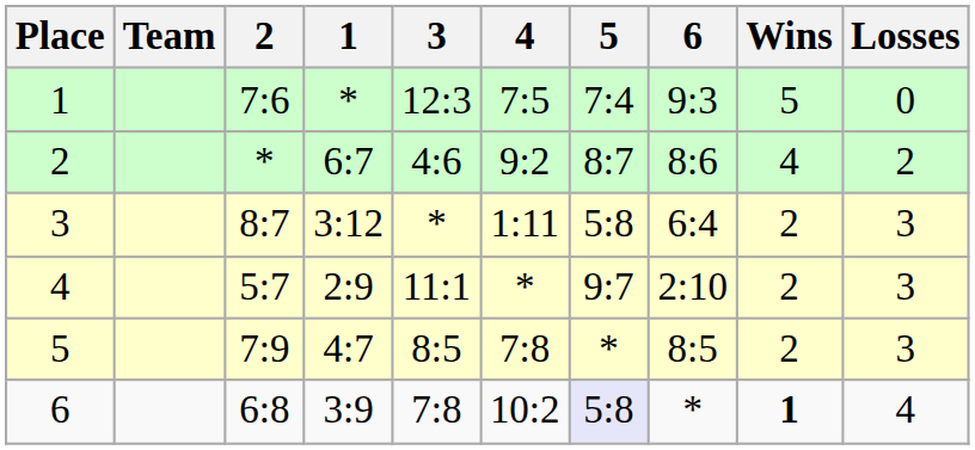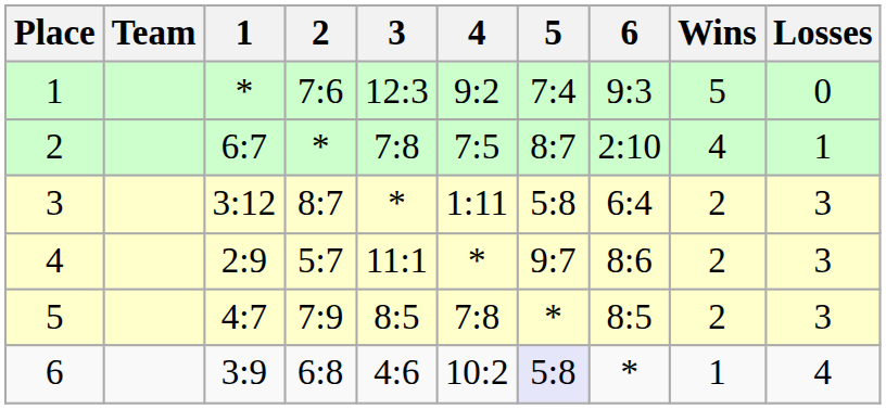 <table class="wikitable" style="text-align:center;">
 <tr>
 <th>Place</th>
 <th>Team</th>
+<th width="25">1</th>
 <th width="25">2</th>
-<th width="25">1</th>
 <th width="25">3</th>
 <th width="25">4</th>
 <th width="25">5</th>
 <th width="25">6</th>
 <th>Wins</th>
 <th>Losses</th>
 </tr>
 <tr bgcolor=#cfc>
 <td>1</td>
 <td align=left></td>
+<td>*</td>
 <td>7:6</td>
-<td>*</td>
 <td>12:3</td>
-<td>7:5</td>
+<td>9:2</td>
 <td>7:4</td>
 <td>9:3</td>
 <td>5</td>
 <td>0</td>
 </tr>
 <tr bgcolor=#cfc>
 <td>2</td>
 <td align=left></td>
+<td>6:7</td>
 <td>*</td>
-<td>6:7</td>
-<td>4:6</td>
-<td>9:2</td>
+<td>7:8</td>
+<td>7:5</td>
 <td>8:7</td>
-<td>8:6</td>
+<td>2:10</td>
 <td>4</td>
-<td>2</td>
+<td>1</td>
 </tr>
 <tr bgcolor=#ffc>
 <td>3</td>
 <td align=left></td>
+<td>3:12</td>
 <td>8:7</td>
-<td>3:12</td>
 <td>*</td>
 <td>1:11</td>
 <td>5:8</td>
 <td>6:4</td>
 <td>2</td>
 <td>3</td>
 </tr>
 <tr bgcolor=#ffc>
 <td>4</td>
 <td align=left></td>
+<td>2:9</td>
 <td>5:7</td>
-<td>2:9</td>
 <td>11:1</td>
 <td>*</td>
 <td>9:7</td>
-<td>2:10</td>
+<td>8:6</td>
 <td>2</td>
 <td>3</td>
 </tr>
 <tr bgcolor=#ffc>
 <td>5</td>
 <td align=left></td>
+<td>4:7</td>
 <td>7:9</td>
-<td>4:7</td>
 <td>8:5</td>
 <td>7:8</td>
 <td>*</td>
 <td>8:5</td>
 <td>2</td>
 <td>3</td>
 </tr>
 <tr>
 <td>6</td>
 <td align=left></td>
+<td>3:9</td>
 <td>6:8</td>
-<td>3:9</td>
-<td>7:8</td>
+<td>4:6</td>
 <td>10:2</td>
 <td style="background: lavender;">5:8</td>
 <td>*</td>
-<td><strong>1</strong></td>
+<td>1</td>
 <td>4</td>
 </tr>
 </table>
